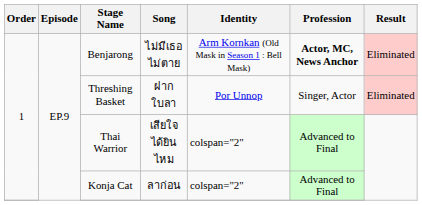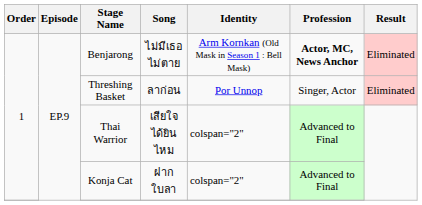 <table class="wikitable">
 <tr>
 <th>Order</th>
 <th>Episode</th>
 <th>Stage Name</th>
 <th>Song</th>
 <th>Identity</th>
 <th>Profession</th>
 <th>Result</th>
 </tr>
 <tr>
 <td rowspan="4" style="text-align:center;">1</td>
 <td rowspan="6" align="center">EP.9</td>
 <td style="text-align:center;">Benjarong</td>
 <td style="text-align:center;">ไม่มีเธอ ไม่ตาย</td>
 <td style="text-align:center;"><a href='#'>Arm Kornkan</a> <small>(Old Mask in <a href='#'>Season 1</a> : Bell Mask)</small></td>
 <td style="text-align:center;"><strong>Actor, MC, News Anchor</strong></td>
 <td style="text-align:center; background:#ffcccc;">Eliminated</td>
 </tr>
 <tr>
 <td style="text-align:center;">Threshing Basket</td>
-<td style="text-align:center;">ฝากใบลา</td>
+<td style="text-align:center;">ลาก่อน</td>
 <td style="text-align:center;"><a href='#'>Por Unnop</a></td>
 <td style="text-align:center;">Singer, Actor</td>
 <td style="text-align:center; background:#ffcccc;">Eliminated</td>
 </tr>
 <tr>
 <td style="text-align:center;">Thai Warrior</td>
 <td style="text-align:center;">เสียใจได้ยินไหม</td>
 <td>colspan="2"  </td>
 <td style="text-align:center; background:#ccffcc;">Advanced to Final</td>
 </tr>
 <tr>
 <td style="text-align:center;">Konja Cat</td>
-<td style="text-align:center;">ลาก่อน</td>
+<td style="text-align:center;">ฝากใบลา</td>
 <td>colspan="2"  </td>
 <td style="text-align:center; background:#ccffcc;">Advanced to Final</td>
 </tr>
 <tr>
 </tr>
 </table>
